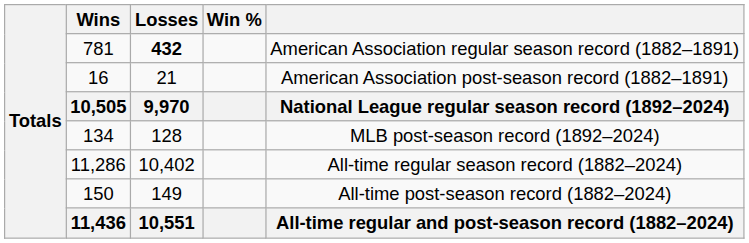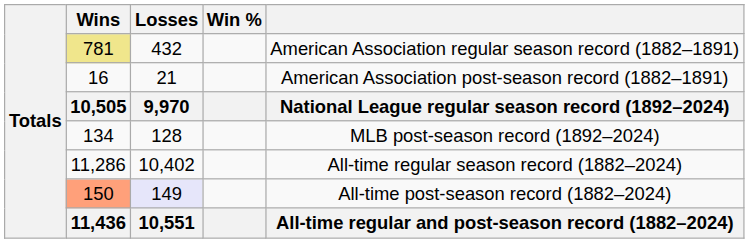 <table class="wikitable plainrowheaders" style="text-align:center; font-size:95%">
 <tr>
 <th colspan="6" rowspan="8" style="text-align: center;"><strong>Totals</strong></th>
 <th style="text-align: center"><strong>Wins</strong></th>
 <th style="text-align: center"><strong>Losses</strong></th>
 <th style="text-align: center"><strong>Win %</strong></th>
 <th colspan="3"></th>
 </tr>
 <tr>
-<td align="center">781</td>
-<td align="center"><strong>432</strong></td>
+<td align="center" style="background: khaki;">781</td>
+<td align="center">432</td>
 <td align="center"></td>
 <td colspan="3">American Association regular season record (1882–1891)</td>
 </tr>
 <tr>
 <td align="center">16</td>
 <td align="center">21</td>
 <td align="center"></td>
 <td colspan="3">American Association post-season record (1882–1891)</td>
 </tr>
 <tr>
 <th align="center">10,505 </th>
 <th align="center">9,970 </th>
 <th align="center"></th>
 <th colspan="3">National League regular season record (1892–2024)</th>
 </tr>
 <tr>
 <td align="center">134</td>
 <td align="center">128</td>
 <td align="center"></td>
 <td colspan="3">MLB post-season record (1892–2024)</td>
 </tr>
 <tr>
 <td align="center">11,286 </td>
 <td align="center">10,402 </td>
 <td align="center">   </td>
 <td colspan="3">All-time regular season record (1882–2024)</td>
 </tr>
 <tr>
-<td align="center">150 </td>
-<td align="center">149 </td>
+<td align="center" style="background: lightsalmon;">150 </td>
+<td align="center" style="background: lavender;">149 </td>
 <td align="center"> </td>
 <td colspan="3">All-time post-season record (1882–2024)</td>
 </tr>
 <tr>
 <th align="center">11,436 </th>
 <th align="center">10,551 </th>
 <th align="center">   </th>
 <th colspan="3">All-time regular and post-season record (1882–2024)</th>
 </tr>
 </table>
